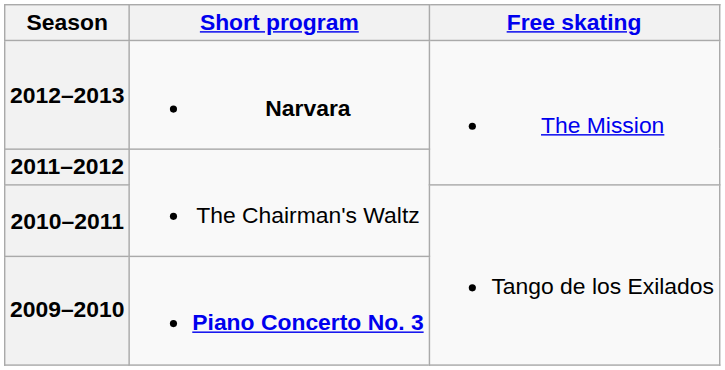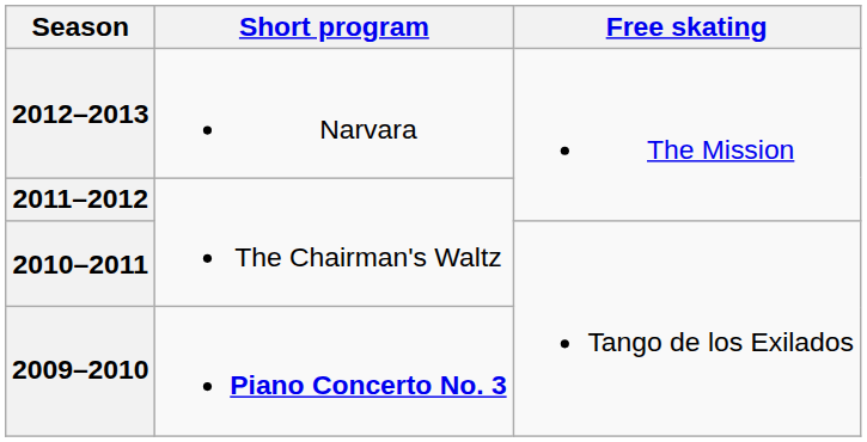 <table class="wikitable" style="text-align:center">
 <tr>
 <th>Season</th>
 <th><a href='#'>Short program</a></th>
 <th><a href='#'>Free skating</a></th>
 </tr>
 <tr>
 <th>2012–2013 <br> </th>
-<td><strong><br><ul><li>Narvara</li></ul></strong></td>
+<td><br><ul><li>Narvara</li></ul></td>
 <td rowspan=2><br><ul><li><a href='#'>The Mission</a> <br></li></ul></td>
 </tr>
 <tr>
 <th>2011–2012 <br> </th>
 <td rowspan=2><br><ul><li>The Chairman's Waltz <br></li></ul></td>
 </tr>
 <tr>
 <th>2010–2011 <br> </th>
 <td rowspan=2><br><ul><li>Tango de los Exilados <br></li></ul></td>
 </tr>
 <tr>
 <th>2009–2010 <br> </th>
 <td><strong><br><ul><li><a href='#'>Piano Concerto No. 3</a> <br></li></ul></strong></td>
 </tr>
 </table>
